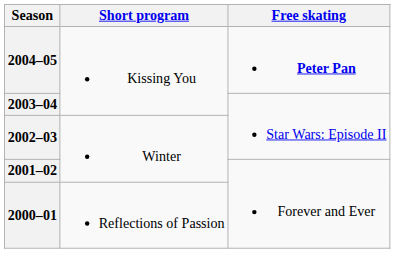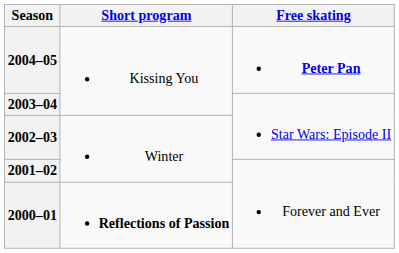 <table class=wikitable style=text-align:center>
 <tr>
 <th>Season</th>
 <th><a href='#'>Short program</a></th>
 <th><a href='#'>Free skating</a></th>
 </tr>
 <tr>
 <th>2004–05 <br> </th>
 <td rowspan=2><br><ul><li>Kissing You <br></li></ul></td>
 <td><strong><br><ul><li><a href='#'>Peter Pan</a> <br></li></ul></strong></td>
 </tr>
 <tr>
 <th>2003–04 <br> </th>
 <td rowspan=2><br><ul><li><a href='#'>Star Wars: Episode II</a> <br></li></ul></td>
 </tr>
 <tr>
 <th>2002–03 <br> </th>
 <td rowspan=2><br><ul><li>Winter <br></li></ul></td>
 </tr>
 <tr>
 <th>2001–02 <br> </th>
 <td rowspan=2><br><ul><li>Forever and Ever <br></li></ul></td>
 </tr>
 <tr>
 <th>2000–01 <br> </th>
-<td><br><ul><li>Reflections of Passion <br></li></ul></td>
+<td><strong><br><ul><li>Reflections of Passion <br></li></ul></strong></td>
 </tr>
 </table>
